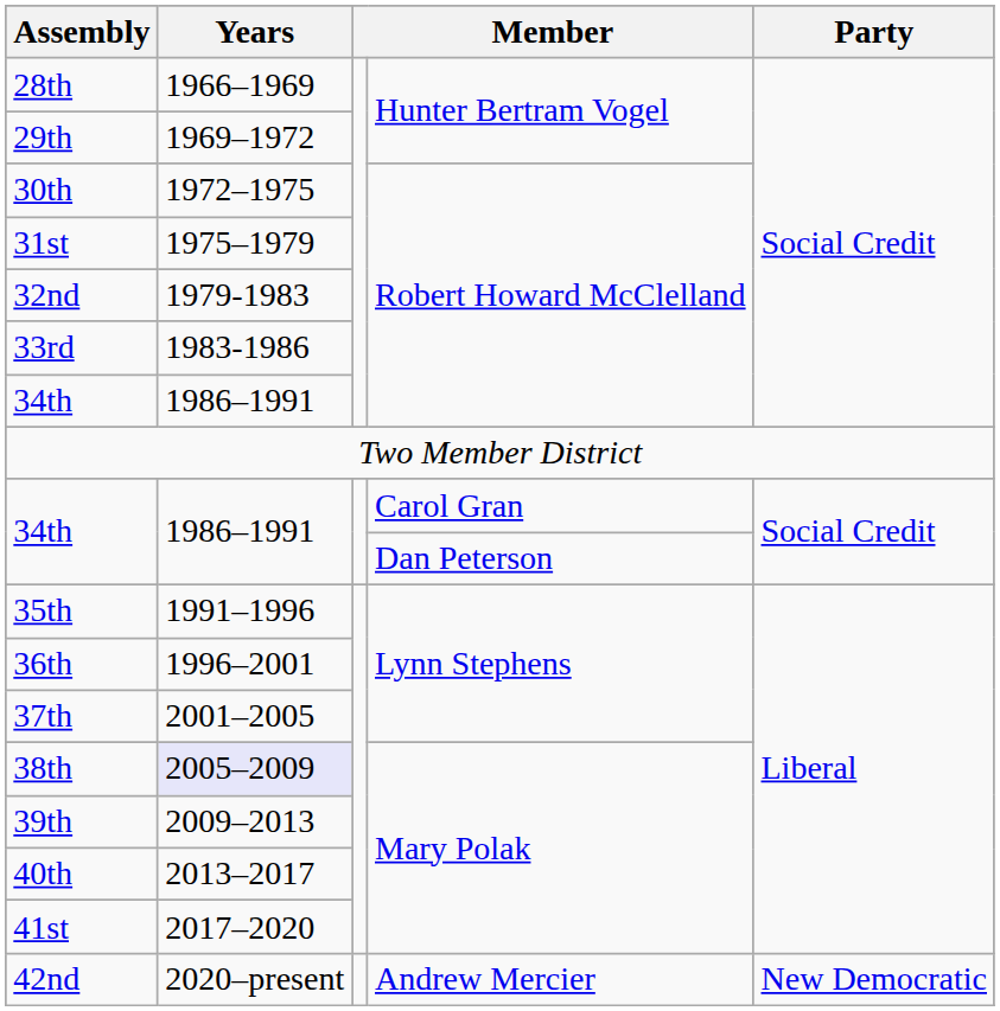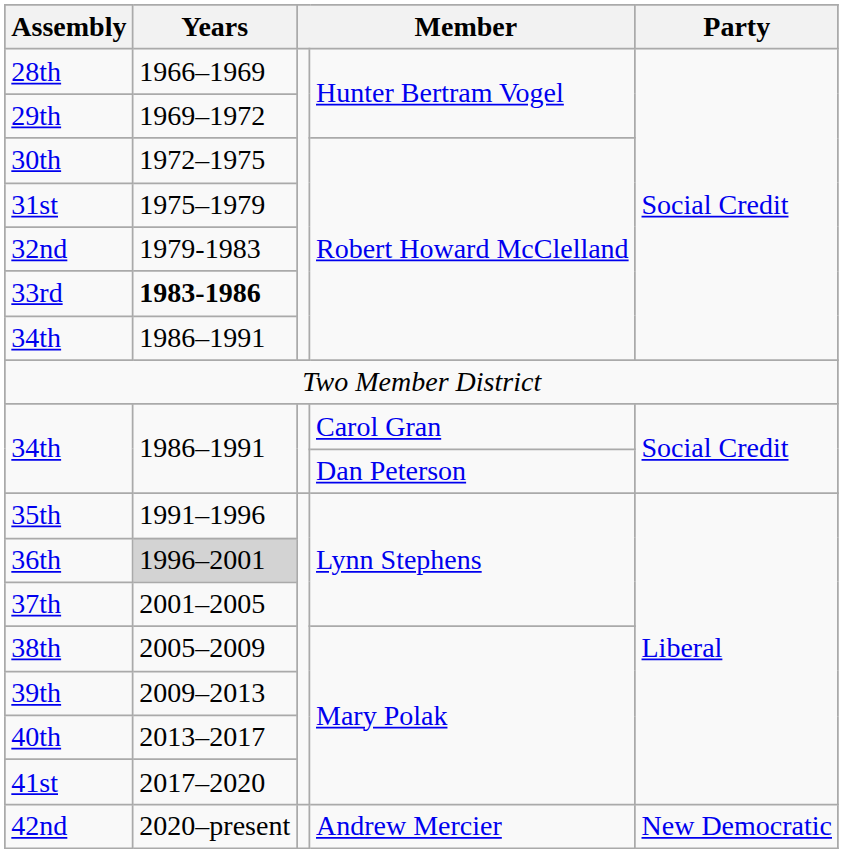 <table class="wikitable">
 <tr>
 <th>Assembly</th>
 <th>Years</th>
 <th colspan="2">Member</th>
 <th>Party</th>
 </tr>
 <tr>
 <td><a href='#'>28th</a></td>
 <td>1966–1969</td>
 <td rowspan=7 ></td>
 <td rowspan=2><a href='#'>Hunter Bertram Vogel</a></td>
 <td rowspan=7><a href='#'>Social Credit</a></td>
 </tr>
 <tr>
 <td><a href='#'>29th</a></td>
 <td>1969–1972</td>
 </tr>
 <tr>
 <td><a href='#'>30th</a></td>
 <td>1972–1975</td>
 <td rowspan=5><a href='#'>Robert Howard McClelland</a></td>
 </tr>
 <tr>
 <td><a href='#'>31st</a></td>
 <td>1975–1979</td>
 </tr>
 <tr>
 <td><a href='#'>32nd</a></td>
 <td>1979-1983</td>
 </tr>
 <tr>
 <td><a href='#'>33rd</a></td>
-<td>1983-1986</td>
+<td><strong>1983-1986</strong></td>
 </tr>
 <tr>
 <td><a href='#'>34th</a></td>
 <td>1986–1991</td>
 </tr>
 <tr>
 <td align="center" colspan=8><em>Two Member District</em></td>
 </tr>
 <tr>
 <td rowspan=2><a href='#'>34th</a></td>
 <td rowspan=2>1986–1991</td>
 <td rowspan=2 ></td>
 <td><a href='#'>Carol Gran</a></td>
 <td rowspan=2><a href='#'>Social Credit</a></td>
 </tr>
 <tr>
 <td><a href='#'>Dan Peterson</a></td>
 </tr>
 <tr>
 <td><a href='#'>35th</a></td>
 <td>1991–1996</td>
 <td rowspan=7 ></td>
 <td rowspan=3><a href='#'>Lynn Stephens</a></td>
 <td rowspan=7><a href='#'>Liberal</a></td>
 </tr>
 <tr>
 <td><a href='#'>36th</a></td>
-<td>1996–2001</td>
+<td style="background: lightgrey;">1996–2001</td>
 </tr>
 <tr>
 <td><a href='#'>37th</a></td>
 <td>2001–2005</td>
 </tr>
 <tr>
 <td><a href='#'>38th</a></td>
-<td style="background: lavender;">2005–2009</td>
+<td>2005–2009</td>
 <td rowspan=4><a href='#'>Mary Polak</a></td>
 </tr>
 <tr>
 <td><a href='#'>39th</a></td>
 <td>2009–2013</td>
 </tr>
 <tr>
 <td><a href='#'>40th</a></td>
 <td>2013–2017</td>
 </tr>
 <tr>
 <td><a href='#'>41st</a></td>
 <td>2017–2020</td>
 </tr>
 <tr>
 <td><a href='#'>42nd</a></td>
 <td>2020–present</td>
 <td></td>
 <td><a href='#'>Andrew Mercier</a></td>
 <td><a href='#'>New Democratic</a></td>
 </tr>
 </table>
